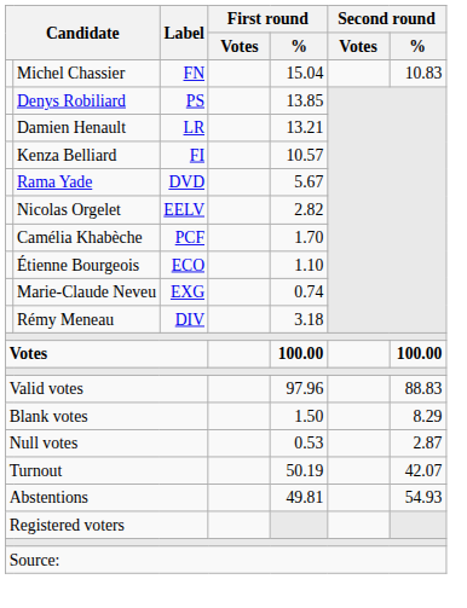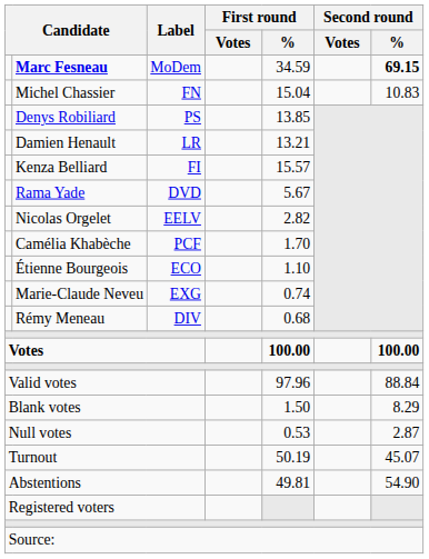 <table class="wikitable" style="text-align:right;font-size:95%;">
 <tr>
 <th rowspan="2" colspan="2">Candidate</th>
 <th rowspan="2">Label</th>
 <th colspan="2">First round</th>
 <th colspan="2">Second round</th>
 </tr>
 <tr>
 <th style="width:50px;">Votes</th>
 <th style="width:45px;">%</th>
 <th style="width:50px;">Votes</th>
 <th style="width:45px;">%</th>
+</tr>
+<tr>
+<td style="color:inherit;background:"></td>
+<td style="text-align:left;"><strong><a href='#'>Marc Fesneau</a></strong></td>
+<td><a href='#'>MoDem</a></td>
+<td></td>
+<td>34.59</td>
+<td><strong></strong></td>
+<td><strong>69.15</strong></td>
 </tr>
 <tr>
 <td style="color:inherit;background:"></td>
 <td style="text-align:left;">Michel Chassier</td>
 <td><a href='#'>FN</a></td>
 <td></td>
 <td>15.04</td>
 <td></td>
 <td>10.83</td>
 </tr>
 <tr>
 <td style="color:inherit;background:"></td>
 <td style="text-align:left;"><a href='#'>Denys Robiliard</a></td>
 <td><a href='#'>PS</a></td>
 <td></td>
 <td>13.85</td>
 <td colspan="2" rowspan="9" style="background:#E9E9E9;"></td>
 </tr>
 <tr>
 <td style="color:inherit;background:"></td>
 <td style="text-align:left;">Damien Henault</td>
 <td><a href='#'>LR</a></td>
 <td></td>
 <td>13.21</td>
 </tr>
 <tr>
 <td style="color:inherit;background:"></td>
 <td style="text-align:left;">Kenza Belliard</td>
 <td><a href='#'>FI</a></td>
 <td></td>
-<td>10.57</td>
+<td>15.57</td>
 </tr>
 <tr>
 <td style="color:inherit;background:"></td>
 <td style="text-align:left;"><a href='#'>Rama Yade</a></td>
 <td><a href='#'>DVD</a></td>
 <td></td>
 <td>5.67</td>
 </tr>
 <tr>
 <td style="color:inherit;background:"></td>
 <td style="text-align:left;">Nicolas Orgelet</td>
 <td><a href='#'>EELV</a></td>
 <td></td>
 <td>2.82</td>
 </tr>
 <tr>
 <td style="color:inherit;background:"></td>
 <td style="text-align:left;">Camélia Khabèche</td>
 <td><a href='#'>PCF</a></td>
 <td></td>
 <td>1.70</td>
 </tr>
 <tr>
 <td style="color:inherit;background:"></td>
 <td style="text-align:left;">Étienne Bourgeois</td>
 <td><a href='#'>ECO</a></td>
 <td></td>
 <td>1.10</td>
 </tr>
 <tr>
 <td style="color:inherit;background:"></td>
 <td style="text-align:left;">Marie-Claude Neveu</td>
 <td><a href='#'>EXG</a></td>
 <td></td>
 <td>0.74</td>
 </tr>
 <tr>
 <td style="color:inherit;background:"></td>
 <td style="text-align:left;">Rémy Meneau</td>
 <td><a href='#'>DIV</a></td>
 <td></td>
-<td>3.18</td>
+<td>0.68</td>
 </tr>
 <tr>
 <td colspan="7" style="background:#E9E9E9;"></td>
 </tr>
 <tr style="font-weight:bold;">
 <td colspan="3" style="text-align:left;">Votes</td>
 <td></td>
 <td>100.00</td>
 <td></td>
 <td>100.00</td>
 </tr>
 <tr>
 <td colspan="7" style="background:#E9E9E9;"></td>
 </tr>
 <tr>
 <td colspan="3" style="text-align:left;">Valid votes</td>
 <td></td>
 <td>97.96</td>
 <td></td>
-<td>88.83</td>
+<td>88.84</td>
 </tr>
 <tr>
 <td colspan="3" style="text-align:left;">Blank votes</td>
 <td></td>
 <td>1.50</td>
 <td></td>
 <td>8.29</td>
 </tr>
 <tr>
 <td colspan="3" style="text-align:left;">Null votes</td>
 <td></td>
 <td>0.53</td>
 <td></td>
 <td>2.87</td>
 </tr>
 <tr>
 <td colspan="3" style="text-align:left;">Turnout</td>
 <td></td>
 <td>50.19</td>
 <td></td>
-<td>42.07</td>
+<td>45.07</td>
 </tr>
 <tr>
 <td colspan="3" style="text-align:left;">Abstentions</td>
 <td></td>
 <td>49.81</td>
 <td></td>
-<td>54.93</td>
+<td>54.90</td>
 </tr>
 <tr>
 <td colspan="3" style="text-align:left;">Registered voters</td>
 <td></td>
 <td style="color:inherit;background:#E9E9E9;"></td>
 <td></td>
 <td style="color:inherit;background:#E9E9E9;"></td>
 </tr>
 <tr>
 <td colspan="7" style="background:#E9E9E9;"></td>
 </tr>
 <tr>
 <td colspan="7" style="text-align:left;">Source: </td>
 </tr>
 </table>
